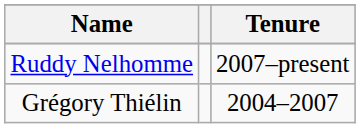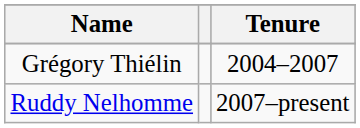 <table class="wikitable sortable" style="text-align:center">
 <tr>
 </tr>
 <tr>
 <th scope="col">Name</th>
 <th scope="col"></th>
 <th scope="col">Tenure</th>
 </tr>
 <tr>
 </tr>
 <tr>
+<td>Grégory Thiélin</td>
+<td></td>
+<td>2004–2007</td>
+</tr>
+<tr>
 <td><a href='#'>Ruddy Nelhomme</a></td>
 <td></td>
 <td>2007–present</td>
 </tr>
-<tr>
-<td>Grégory Thiélin</td>
-<td></td>
-<td>2004–2007</td>
-</tr>
 </table>
